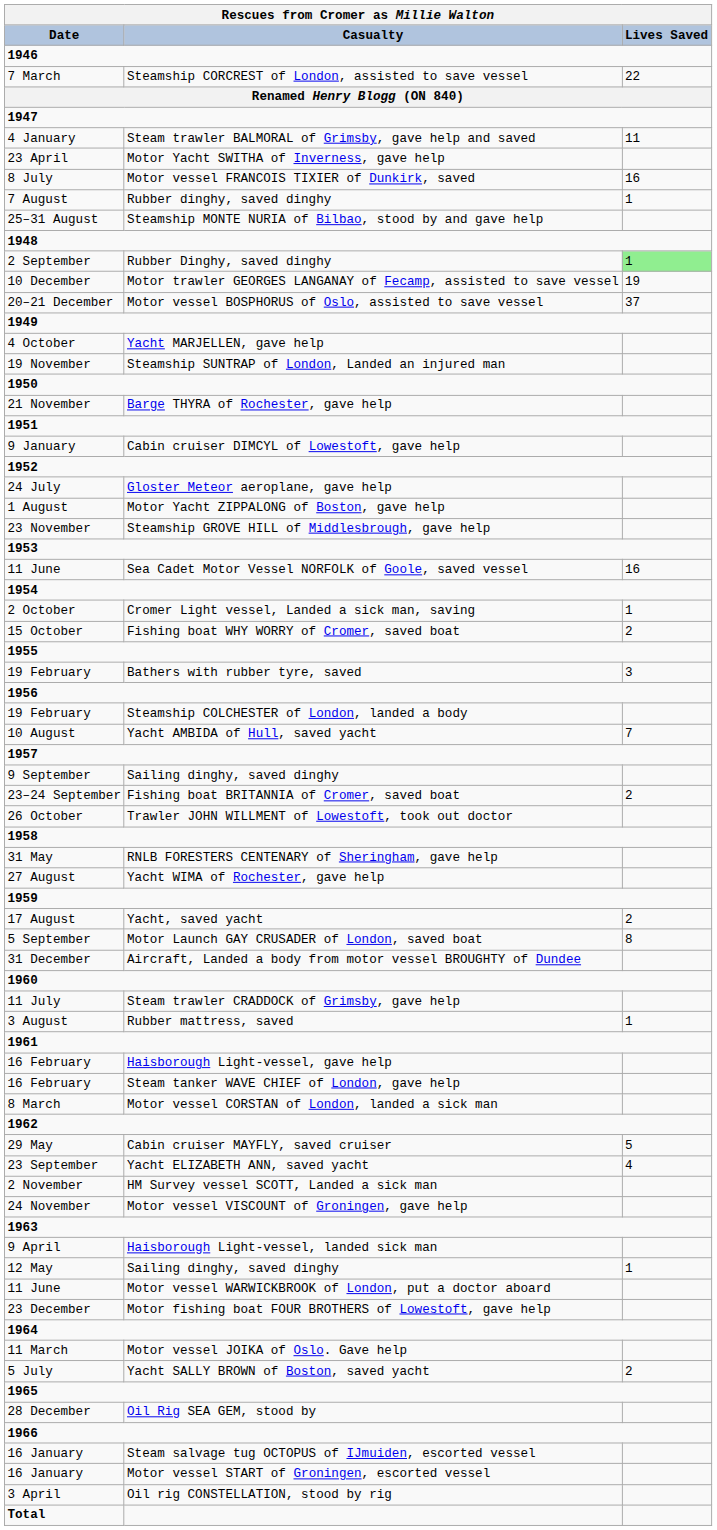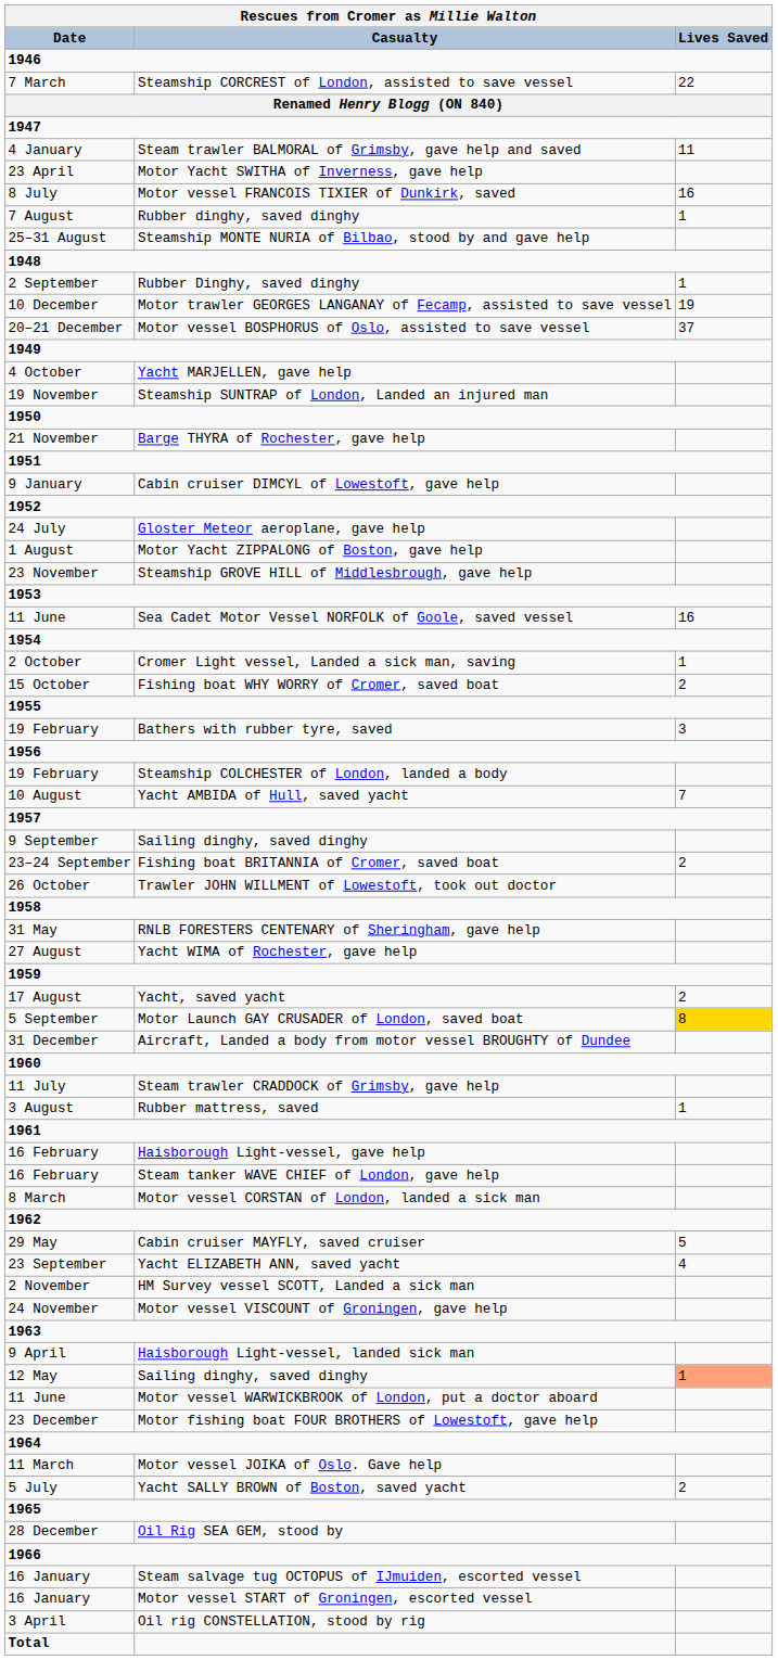 <table class="wikitable">
 <tr ---->
 <th colspan="3">Rescues from Cromer as <em>Millie Walton</em></th>
 </tr>
 <tr ---->
 <th style="text-align: center; background: LightSteelBlue">Date</th>
 <th style="text-align: center; background: LightSteelBlue">Casualty</th>
 <th style="text-align: center; background: LightSteelBlue">Lives Saved</th>
 </tr>
 <tr ---->
 <td colspan="3"><strong>1946</strong></td>
 </tr>
 <tr ---->
 <td>7 March</td>
 <td>Steamship CORCREST of <a href='#'>London</a>, assisted to save vessel</td>
 <td>22</td>
 </tr>
 <tr ---->
 <th colspan="4">Renamed <em>Henry Blogg</em> (ON 840)</th>
 </tr>
 <tr ---->
 <td colspan="3"><strong>1947</strong></td>
 </tr>
 <tr ---->
 <td>4 January</td>
 <td>Steam trawler BALMORAL of <a href='#'>Grimsby</a>, gave help and saved</td>
 <td>11</td>
 </tr>
 <tr ---->
 <td>23 April</td>
 <td>Motor Yacht SWITHA of <a href='#'>Inverness</a>, gave help</td>
 <td></td>
 </tr>
 <tr ---->
 <td>8 July</td>
 <td>Motor vessel FRANCOIS TIXIER of <a href='#'>Dunkirk</a>, saved</td>
 <td>16</td>
 </tr>
 <tr ---->
 <td>7 August</td>
 <td>Rubber dinghy, saved dinghy</td>
 <td>1</td>
 </tr>
 <tr ---->
 <td>25–31 August</td>
 <td>Steamship MONTE NURIA of <a href='#'>Bilbao</a>, stood by and gave help</td>
 <td></td>
 </tr>
 <tr ---->
 <td colspan="3"><strong>1948</strong></td>
 </tr>
 <tr ---->
 <td>2 September</td>
 <td>Rubber Dinghy, saved dinghy</td>
-<td style="background: lightgreen;">1</td>
+<td>1</td>
 </tr>
 <tr ---->
 <td>10 December</td>
 <td>Motor trawler GEORGES LANGANAY of <a href='#'>Fecamp</a>, assisted to save vessel</td>
 <td>19</td>
 </tr>
 <tr ---->
 <td>20–21 December</td>
 <td>Motor vessel BOSPHORUS of <a href='#'>Oslo</a>, assisted to save vessel</td>
 <td>37</td>
 </tr>
 <tr ---->
 <td colspan="3"><strong>1949</strong></td>
 </tr>
 <tr ---->
 <td>4 October</td>
 <td><a href='#'>Yacht</a> MARJELLEN, gave help</td>
 <td></td>
 </tr>
 <tr ---->
 <td>19 November</td>
 <td>Steamship SUNTRAP of <a href='#'>London</a>, Landed an injured man</td>
 <td></td>
 </tr>
 <tr ---->
 <td colspan="3"><strong>1950</strong></td>
 </tr>
 <tr ---->
 <td>21 November</td>
 <td><a href='#'>Barge</a> THYRA of <a href='#'>Rochester</a>, gave help</td>
 <td></td>
 </tr>
 <tr ---->
 <td colspan="3"><strong>1951</strong></td>
 </tr>
 <tr ---->
 <td>9 January</td>
 <td>Cabin cruiser DIMCYL of <a href='#'>Lowestoft</a>, gave help</td>
 <td></td>
 </tr>
 <tr ---->
 <td colspan="3"><strong>1952</strong></td>
 </tr>
 <tr ---->
 <td>24 July</td>
 <td><a href='#'>Gloster Meteor</a> aeroplane, gave help</td>
 <td></td>
 </tr>
 <tr ---->
 <td>1 August</td>
 <td>Motor Yacht ZIPPALONG of <a href='#'>Boston</a>, gave help</td>
 <td></td>
 </tr>
 <tr ---->
 <td>23 November</td>
 <td>Steamship GROVE HILL of <a href='#'>Middlesbrough</a>, gave help</td>
 <td></td>
 </tr>
 <tr ---->
 <td colspan="3"><strong>1953</strong></td>
 </tr>
 <tr ---->
 <td>11 June</td>
 <td>Sea Cadet Motor Vessel NORFOLK of <a href='#'>Goole</a>, saved vessel</td>
 <td>16</td>
 </tr>
 <tr ---->
 <td colspan="3"><strong>1954</strong></td>
 </tr>
 <tr ---->
 <td>2 October</td>
 <td>Cromer Light vessel, Landed a sick man, saving</td>
 <td>1</td>
 </tr>
 <tr ---->
 <td>15 October</td>
 <td>Fishing boat WHY WORRY of <a href='#'>Cromer</a>, saved boat</td>
 <td>2</td>
 </tr>
 <tr ---->
 <td colspan="3"><strong>1955</strong></td>
 </tr>
 <tr ---->
 <td>19 February</td>
 <td>Bathers with rubber tyre, saved</td>
 <td>3</td>
 </tr>
 <tr ---->
 <td colspan="3"><strong>1956</strong></td>
 </tr>
 <tr ---->
 <td>19 February</td>
 <td>Steamship COLCHESTER of <a href='#'>London</a>, landed a body</td>
 <td></td>
 </tr>
 <tr ---->
 <td>10 August</td>
 <td>Yacht AMBIDA of <a href='#'>Hull</a>, saved yacht</td>
 <td>7</td>
 </tr>
 <tr ---->
 <td colspan="3"><strong>1957</strong></td>
 </tr>
 <tr ---->
 <td>9 September</td>
 <td>Sailing dinghy, saved dinghy</td>
 <td></td>
 </tr>
 <tr ---->
 <td>23–24 September</td>
 <td>Fishing boat BRITANNIA of <a href='#'>Cromer</a>, saved boat</td>
 <td>2</td>
 </tr>
 <tr ---->
 <td>26 October</td>
 <td>Trawler JOHN WILLMENT of <a href='#'>Lowestoft</a>, took out doctor</td>
 <td></td>
 </tr>
 <tr ---->
 <td colspan="3"><strong>1958</strong></td>
 </tr>
 <tr ---->
 <td>31 May</td>
 <td>RNLB FORESTERS CENTENARY of <a href='#'>Sheringham</a>, gave help</td>
 <td></td>
 </tr>
 <tr ---->
 <td>27 August</td>
 <td>Yacht WIMA of <a href='#'>Rochester</a>, gave help</td>
 <td></td>
 </tr>
 <tr ---->
 <td colspan="3"><strong>1959</strong></td>
 </tr>
 <tr ---->
 <td>17 August</td>
 <td>Yacht, saved yacht</td>
 <td>2</td>
 </tr>
 <tr ---->
 <td>5 September</td>
 <td>Motor Launch GAY CRUSADER of <a href='#'>London</a>, saved boat</td>
-<td>8</td>
+<td style="background: gold;">8</td>
 </tr>
 <tr ---->
 <td>31 December</td>
 <td>Aircraft, Landed a body from motor vessel BROUGHTY of <a href='#'>Dundee</a></td>
 <td></td>
 </tr>
 <tr ---->
 <td colspan="3"><strong>1960</strong></td>
 </tr>
 <tr ---->
 <td>11 July</td>
 <td>Steam trawler CRADDOCK of <a href='#'>Grimsby</a>, gave help</td>
 <td></td>
 </tr>
 <tr ---->
 <td>3 August</td>
 <td>Rubber mattress, saved</td>
 <td>1</td>
 </tr>
 <tr ---->
 <td colspan="3"><strong>1961</strong></td>
 </tr>
 <tr ---->
 <td>16 February</td>
 <td><a href='#'>Haisborough</a> Light-vessel, gave help</td>
 <td></td>
 </tr>
 <tr ---->
 <td>16 February</td>
 <td>Steam tanker WAVE CHIEF of <a href='#'>London</a>, gave help</td>
 <td></td>
 </tr>
 <tr ---->
 <td>8 March</td>
 <td>Motor vessel CORSTAN of <a href='#'>London</a>, landed a sick man</td>
 <td></td>
 </tr>
 <tr ---->
 <td colspan="3"><strong>1962</strong></td>
 </tr>
 <tr ---->
 <td>29 May</td>
 <td>Cabin cruiser MAYFLY, saved cruiser</td>
 <td>5</td>
 </tr>
 <tr ---->
 <td>23 September</td>
 <td>Yacht ELIZABETH ANN, saved yacht</td>
 <td>4</td>
 </tr>
 <tr ---->
 <td>2 November</td>
 <td>HM Survey vessel SCOTT, Landed a sick man</td>
 <td></td>
 </tr>
 <tr ---->
 <td>24 November</td>
 <td>Motor vessel VISCOUNT of <a href='#'>Groningen</a>, gave help</td>
 <td></td>
 </tr>
 <tr ---->
 <td colspan="3"><strong>1963</strong></td>
 </tr>
 <tr ---->
 <td>9 April</td>
 <td><a href='#'>Haisborough</a> Light-vessel, landed sick man</td>
 <td></td>
 </tr>
 <tr ---->
 <td>12 May</td>
 <td>Sailing dinghy, saved dinghy</td>
-<td>1</td>
+<td style="background: lightsalmon;">1</td>
 </tr>
 <tr ---->
 <td>11 June</td>
 <td>Motor vessel WARWICKBROOK of <a href='#'>London</a>, put a doctor aboard</td>
 <td></td>
 </tr>
 <tr ---->
 <td>23 December</td>
 <td>Motor fishing boat FOUR BROTHERS of <a href='#'>Lowestoft</a>, gave help</td>
 <td></td>
 </tr>
 <tr ---->
 <td colspan="3"><strong>1964</strong></td>
 </tr>
 <tr ---->
 <td>11 March</td>
 <td>Motor vessel JOIKA of <a href='#'>Oslo</a>. Gave help</td>
 <td></td>
 </tr>
 <tr ---->
 <td>5 July</td>
 <td>Yacht SALLY BROWN of <a href='#'>Boston</a>, saved yacht</td>
 <td>2</td>
 </tr>
 <tr ---->
 <td colspan="3"><strong>1965</strong></td>
 </tr>
 <tr ---->
 <td>28 December</td>
 <td><a href='#'>Oil Rig</a> SEA GEM, stood by</td>
 <td></td>
 </tr>
 <tr ---->
 <td colspan="3"><strong>1966</strong></td>
 </tr>
 <tr ---->
 <td>16 January</td>
 <td>Steam salvage tug OCTOPUS of <a href='#'>IJmuiden</a>, escorted vessel</td>
 <td></td>
 </tr>
 <tr ---->
 <td>16 January</td>
 <td>Motor vessel START of <a href='#'>Groningen</a>, escorted vessel</td>
 <td></td>
 </tr>
 <tr ---->
 <td>3 April</td>
 <td>Oil rig CONSTELLATION, stood by rig</td>
 <td></td>
 </tr>
 <tr>
 <td><strong>Total</strong></td>
 <td></td>
 <td></td>
 </tr>
 </table>
